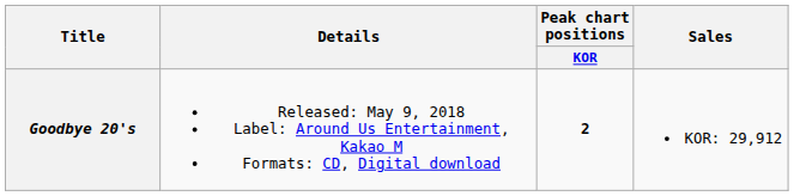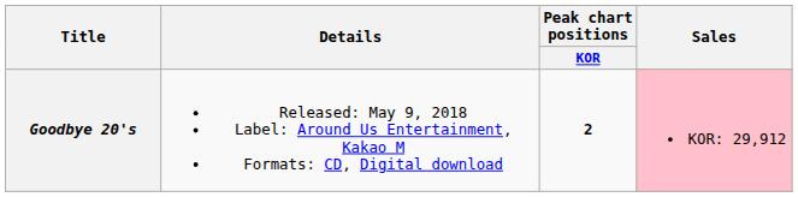 <table class="wikitable plainrowheaders" style="text-align:center;">
 <tr>
 <th rowspan="2" style="width:10em;">Title</th>
 <th rowspan="2" style="width:25em;">Details</th>
 <th>Peak chart<br>positions</th>
 <th rowspan="2" style="width:10em;">Sales <br></th>
 </tr>
 <tr>
 <th style="width=3em;font-size:90%"><a href='#'>KOR</a><br></th>
 </tr>
 <tr>
 <th scope="row"><em>Goodbye 20's</em></th>
 <td><br><ul><li>Released: May 9, 2018</li><li>Label: <a href='#'>Around Us Entertainment</a>, <a href='#'>Kakao M</a></li><li>Formats: <a href='#'>CD</a>, <a href='#'>Digital download</a></li></ul></td>
 <td><strong>2</strong></td>
-<td><br><ul><li>KOR: 29,912</li></ul></td>
+<td style="background: pink;"><br><ul><li>KOR: 29,912</li></ul></td>
 </tr>
 </table>
